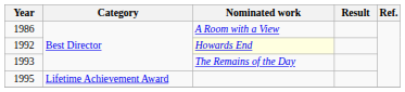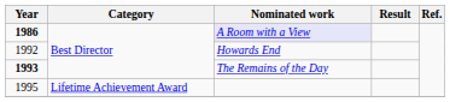 <table class=wikitable>
 <tr>
 <th scope="col" style="width:5em;">Year</th>
 <th scope="col" style="width:26em;">Category</th>
 <th scope="col" style="width:25em;">Nominated work</th>
 <th scope="col" style="width:5em;">Result</th>
 <th>Ref.</th>
 </tr>
 <tr>
-<td style="text-align:center;">1986</td>
+<td style="text-align:center;"><strong>1986</strong></td>
 <td rowspan=3><a href='#'>Best Director</a></td>
-<td><em><a href='#'>A Room with a View</a></em></td>
+<td style="background: lavender;"><em><a href='#'>A Room with a View</a></em></td>
 <td></td>
 <td rowspan=4></td>
 </tr>
 <tr>
 <td style="text-align:center;">1992</td>
-<td style="background: lightyellow;"><em><a href='#'>Howards End</a></em></td>
+<td><em><a href='#'>Howards End</a></em></td>
 <td></td>
 </tr>
 <tr>
-<td style="text-align:center;">1993</td>
+<td style="text-align:center;"><strong>1993</strong></td>
 <td><em><a href='#'>The Remains of the Day</a></em></td>
 <td></td>
 </tr>
 <tr>
 <td style="text-align:center;">1995</td>
 <td><a href='#'>Lifetime Achievement Award</a></td>
 <td></td>
 <td></td>
 </tr>
 <tr>
 </tr>
 </table>
